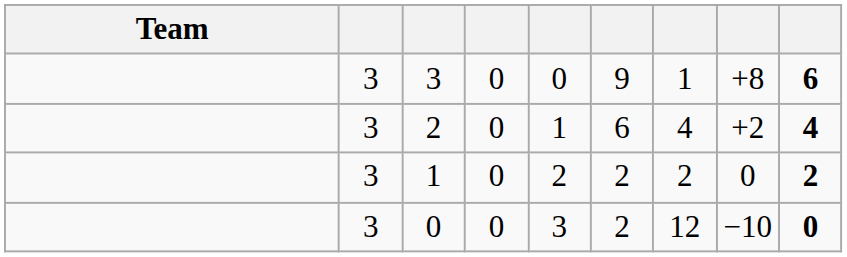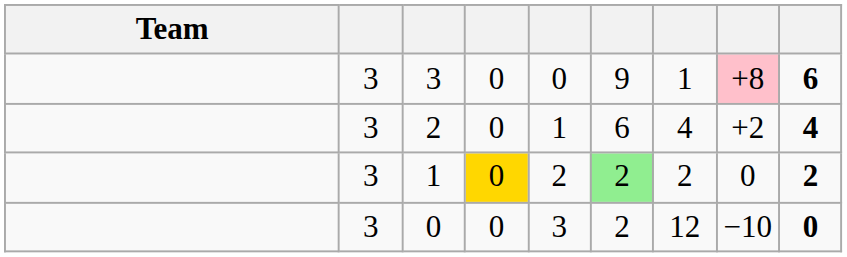 <table class="wikitable" style="text-align: center;">
 <tr>
 <th style="width:165px;">Team</th>
 <th width="25"></th>
 <th width="25"></th>
 <th width="25"></th>
 <th width="25"></th>
 <th width="25"></th>
 <th width="25"></th>
 <th width="25"></th>
 <th width="25"></th>
 </tr>
 <tr>
 <td style="text-align:left"></td>
 <td>3</td>
 <td>3</td>
 <td>0</td>
 <td>0</td>
 <td>9</td>
 <td>1</td>
-<td>+8</td>
+<td style="background: pink;">+8</td>
 <td><strong>6</strong></td>
 </tr>
 <tr>
 <td style="text-align:left"></td>
 <td>3</td>
 <td>2</td>
 <td>0</td>
 <td>1</td>
 <td>6</td>
 <td>4</td>
 <td>+2</td>
 <td><strong>4</strong></td>
 </tr>
 <tr>
 <td style="text-align:left"></td>
 <td>3</td>
 <td>1</td>
-<td>0</td>
+<td style="background: gold;">0</td>
 <td>2</td>
-<td>2</td>
+<td style="background: lightgreen;">2</td>
 <td>2</td>
 <td>0</td>
 <td><strong>2</strong></td>
 </tr>
 <tr>
 <td style="text-align:left"></td>
 <td>3</td>
 <td>0</td>
 <td>0</td>
 <td>3</td>
 <td>2</td>
 <td>12</td>
 <td>−10</td>
 <td><strong>0</strong></td>
 </tr>
 </table>
